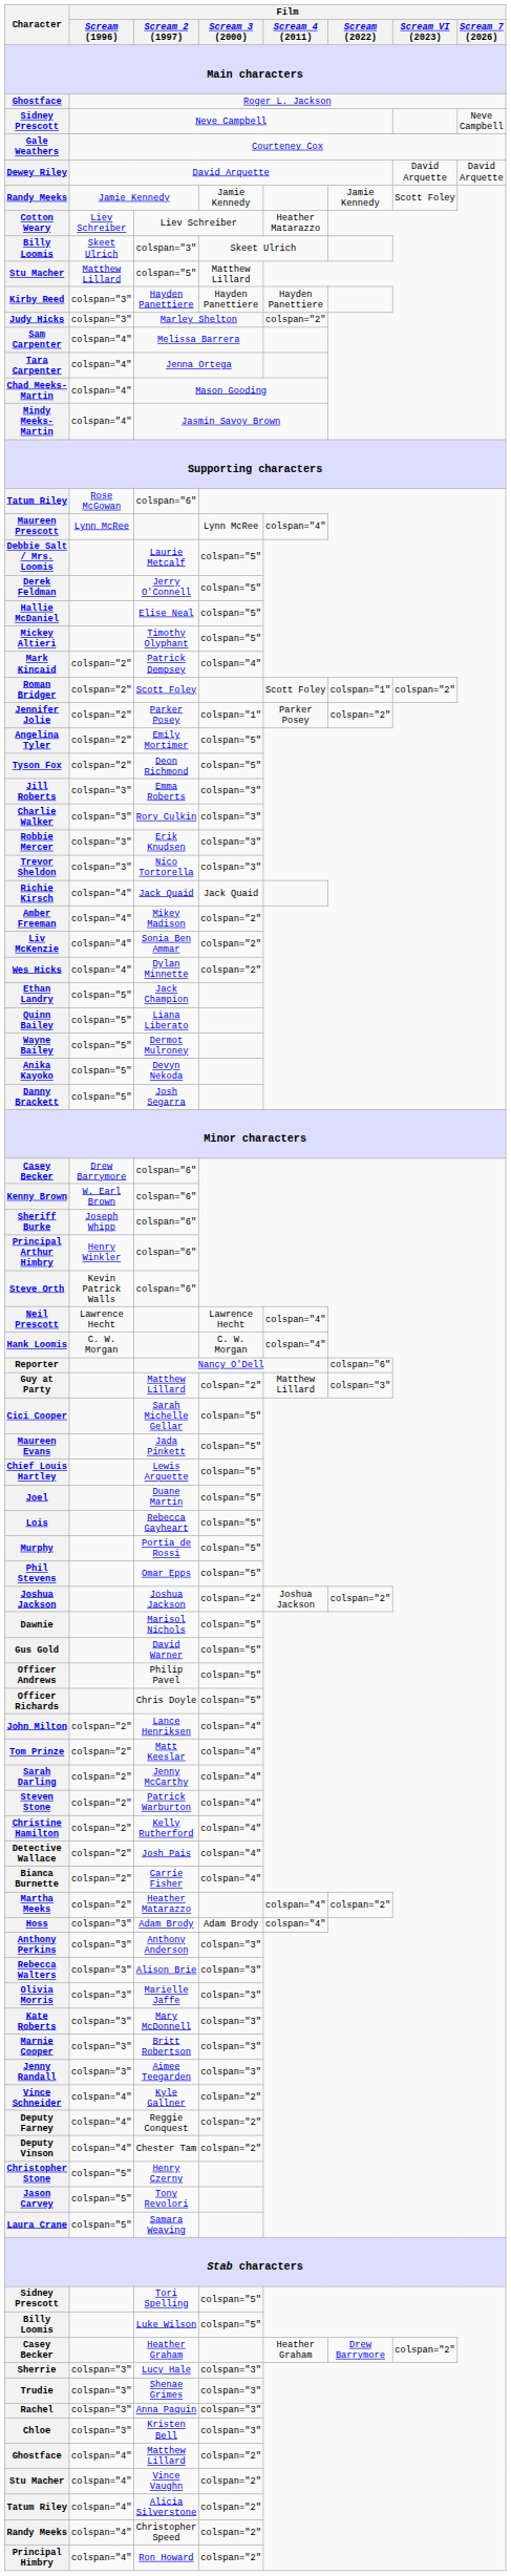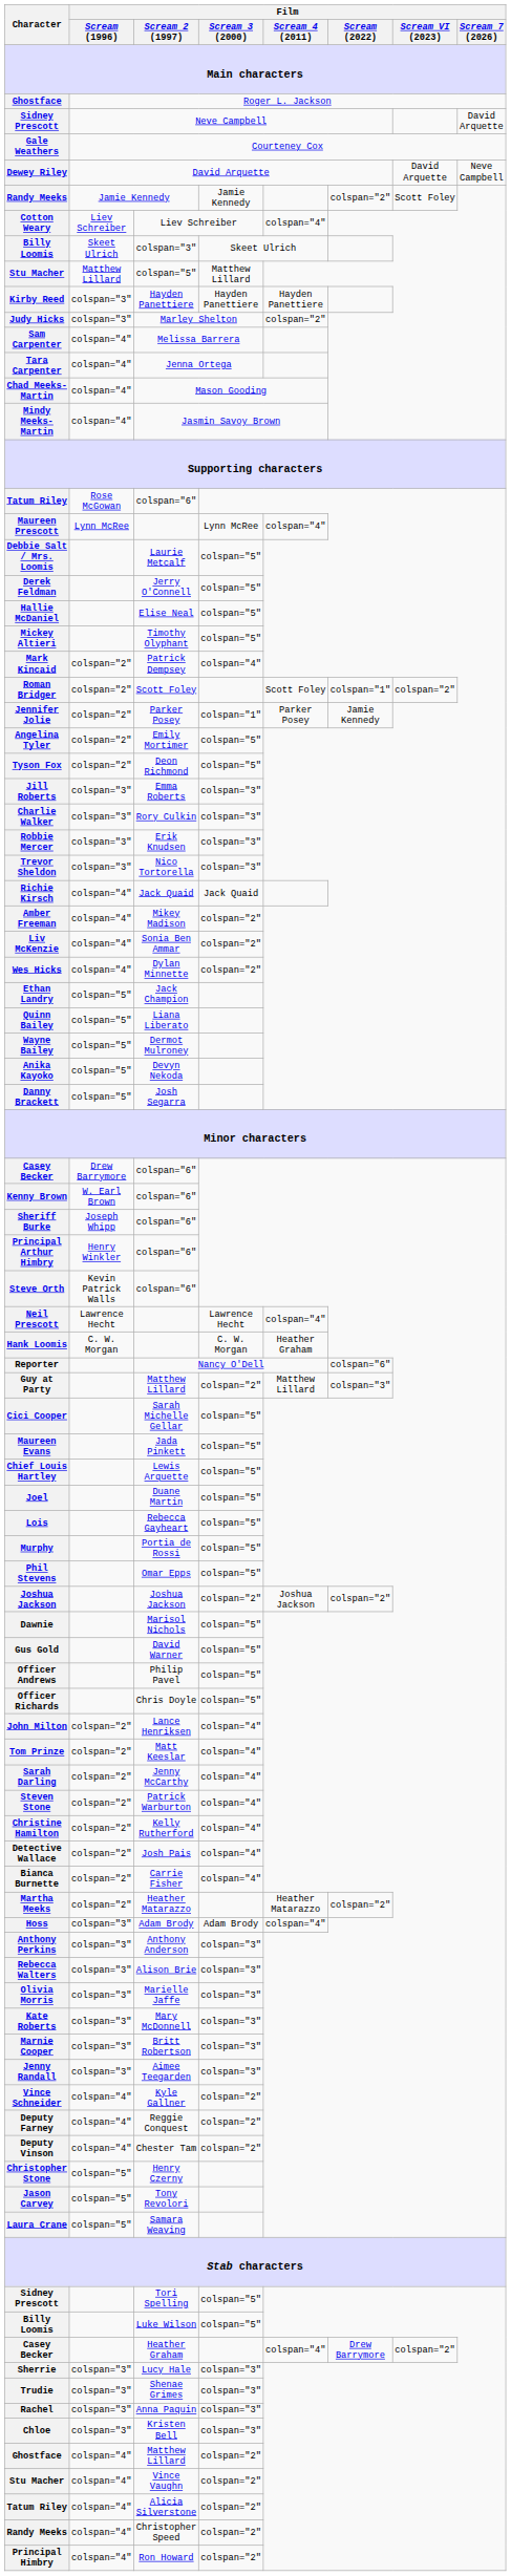 <table class="wikitable" style="text-align:center; width:97%;">
 <tr>
 <th scope="row" rowspan="2">Character</th>
 <th scope="row" colspan="7">Film</th>
 </tr>
 <tr>
 <th scope="row"><em><a href='#'>Scream</a></em><br>(1996)</th>
 <th scope="row"><em><a href='#'>Scream 2</a></em><br>(1997)</th>
 <th scope="row"><em><a href='#'>Scream 3</a></em><br>(2000)</th>
 <th scope="row"><em><a href='#'>Scream 4</a></em><br>(2011)</th>
 <th scope="row"><em><a href='#'>Scream</a></em><br>(2022)</th>
 <th scope="row"><em><a href='#'>Scream VI</a></em><br>(2023)</th>
 <th scope="row"><em><a href='#'>Scream 7</a></em><br>(2026)</th>
 </tr>
 <tr>
 <th scope="row" colspan="8" style="background-color:#ddf;"><br><h3>Main characters</h3></th>
 </tr>
 <tr>
 <th scope="row"><a href='#'>Ghostface</a></th>
 <td colspan="7"><a href='#'>Roger L. Jackson</a></td>
 </tr>
 <tr>
 <th scope="row"><a href='#'>Sidney Prescott</a></th>
 <td colspan="5"><a href='#'>Neve Campbell</a></td>
 <td></td>
-<td>Neve Campbell</td>
+<td>David Arquette</td>
 </tr>
 <tr>
 <th scope="row"><a href='#'>Gale Weathers</a></th>
 <td colspan="7"><a href='#'>Courteney Cox</a></td>
 </tr>
 <tr>
 <th scope="row"><a href='#'>Dewey Riley</a></th>
 <td colspan="5"><a href='#'>David Arquette</a></td>
 <td>David Arquette</td>
-<td>David Arquette</td>
+<td>Neve Campbell</td>
 </tr>
 <tr>
 <th scope="row"><a href='#'>Randy Meeks</a></th>
 <td colspan="2"><a href='#'>Jamie Kennedy</a></td>
 <td>Jamie Kennedy</td>
 <td></td>
-<td>Jamie Kennedy</td>
+<td>colspan="2"  </td>
 <td>Scott Foley</td>
 </tr>
 <tr>
 <th scope="row"><a href='#'>Cotton Weary</a></th>
 <td><a href='#'>Liev Schreiber</a></td>
 <td colspan="2">Liev Schreiber</td>
-<td>Heather Matarazzo</td>
+<td>colspan="4" </td>
 </tr>
 <tr>
 <th scope="row"><a href='#'>Billy Loomis</a></th>
 <td><a href='#'>Skeet Ulrich</a></td>
 <td>colspan="3" </td>
 <td colspan="2">Skeet Ulrich</td>
 <td></td>
 </tr>
 <tr>
 <th scope="row"><a href='#'>Stu Macher</a></th>
 <td><a href='#'>Matthew Lillard</a></td>
 <td>colspan="5" </td>
 <td>Matthew Lillard</td>
 </tr>
 <tr>
 <th scope="row"><a href='#'>Kirby Reed</a></th>
 <td>colspan="3" </td>
 <td><a href='#'>Hayden Panettiere</a></td>
 <td>Hayden Panettiere</td>
 <td>Hayden Panettiere</td>
 <td></td>
 </tr>
 <tr>
 <th scope="row"><a href='#'>Judy Hicks</a></th>
 <td>colspan="3" </td>
 <td colspan="2"><a href='#'>Marley Shelton</a></td>
 <td>colspan="2" </td>
 </tr>
 <tr>
 <th scope="row"><a href='#'>Sam Carpenter</a></th>
 <td>colspan="4" </td>
 <td colspan="2"><a href='#'>Melissa Barrera</a></td>
 <td></td>
 </tr>
 <tr>
 <th scope="row"><a href='#'>Tara Carpenter</a></th>
 <td>colspan="4" </td>
 <td colspan="2"><a href='#'>Jenna Ortega</a></td>
 <td></td>
 </tr>
 <tr>
 <th scope="row"><a href='#'>Chad Meeks-Martin</a></th>
 <td>colspan="4" </td>
 <td colspan="3"><a href='#'>Mason Gooding</a></td>
 </tr>
 <tr>
 <th scope="row"><a href='#'>Mindy Meeks-Martin</a></th>
 <td>colspan="4" </td>
 <td colspan="3"><a href='#'>Jasmin Savoy Brown</a></td>
 </tr>
 <tr>
 <th scope="row" colspan="8" style="background-color:#ddf;"><br><h3>Supporting characters</h3></th>
 </tr>
 <tr>
 <th scope="row"><a href='#'>Tatum Riley</a></th>
 <td><a href='#'>Rose McGowan</a></td>
 <td>colspan="6" </td>
 </tr>
 <tr>
 <th scope="row"><a href='#'>Maureen Prescott</a></th>
 <td><a href='#'>Lynn McRee</a></td>
 <td></td>
 <td>Lynn McRee</td>
 <td>colspan="4" </td>
 </tr>
 <tr>
 <th scope="row"><a href='#'>Debbie Salt / Mrs. Loomis</a></th>
 <td></td>
 <td><a href='#'>Laurie Metcalf</a></td>
 <td>colspan="5" </td>
 </tr>
 <tr>
 <th scope="row"><a href='#'>Derek Feldman</a></th>
 <td></td>
 <td><a href='#'>Jerry O'Connell</a></td>
 <td>colspan="5" </td>
 </tr>
 <tr>
 <th scope="row"><a href='#'>Hallie McDaniel</a></th>
 <td></td>
 <td><a href='#'>Elise Neal</a></td>
 <td>colspan="5" </td>
 </tr>
 <tr>
 <th scope="row"><a href='#'>Mickey Altieri</a></th>
 <td></td>
 <td><a href='#'>Timothy Olyphant</a></td>
 <td>colspan="5" </td>
 </tr>
 <tr>
 <th scope="row"><a href='#'>Mark Kincaid</a></th>
 <td>colspan="2" </td>
 <td><a href='#'>Patrick Dempsey</a></td>
 <td>colspan="4" </td>
 </tr>
 <tr>
 <th scope="row"><a href='#'>Roman Bridger</a></th>
 <td>colspan="2"  </td>
 <td><a href='#'>Scott Foley</a></td>
 <td></td>
 <td>Scott Foley</td>
 <td>colspan="1" </td>
 <td>colspan="2" </td>
 </tr>
 <tr>
 <th scope="row"><a href='#'>Jennifer Jolie</a></th>
 <td>colspan="2"  </td>
 <td><a href='#'>Parker Posey</a></td>
 <td>colspan="1"  </td>
 <td>Parker Posey</td>
-<td>colspan="2"  </td>
+<td>Jamie Kennedy</td>
 </tr>
 <tr>
 <th scope="row"><a href='#'>Angelina Tyler</a></th>
 <td>colspan="2" </td>
 <td><a href='#'>Emily Mortimer</a></td>
 <td>colspan="5" </td>
 </tr>
 <tr>
 <th scope="row"><a href='#'>Tyson Fox</a></th>
 <td>colspan="2" </td>
 <td><a href='#'>Deon Richmond</a></td>
 <td>colspan="5" </td>
 </tr>
 <tr>
 <th scope="row"><a href='#'>Jill Roberts</a></th>
 <td>colspan="3" </td>
 <td><a href='#'>Emma Roberts</a></td>
 <td>colspan="3" </td>
 </tr>
 <tr>
 <th scope="row"><a href='#'>Charlie Walker</a></th>
 <td>colspan="3" </td>
 <td><a href='#'>Rory Culkin</a></td>
 <td>colspan="3" </td>
 </tr>
 <tr>
 <th scope="row"><a href='#'>Robbie Mercer</a></th>
 <td>colspan="3" </td>
 <td><a href='#'>Erik Knudsen</a></td>
 <td>colspan="3" </td>
 </tr>
 <tr>
 <th scope="row"><a href='#'>Trevor Sheldon</a></th>
 <td>colspan="3" </td>
 <td><a href='#'>Nico Tortorella</a></td>
 <td>colspan="3" </td>
 </tr>
 <tr>
 <th scope="row"><a href='#'>Richie Kirsch</a></th>
 <td>colspan="4" </td>
 <td><a href='#'>Jack Quaid</a></td>
 <td>Jack Quaid</td>
 <td></td>
 </tr>
 <tr>
 <th scope="row"><a href='#'>Amber Freeman</a></th>
 <td>colspan="4" </td>
 <td><a href='#'>Mikey Madison</a></td>
 <td>colspan="2" </td>
 </tr>
 <tr>
 <th scope="row"><a href='#'>Liv McKenzie</a></th>
 <td>colspan="4" </td>
 <td><a href='#'>Sonia Ben Ammar</a></td>
 <td>colspan="2" </td>
 </tr>
 <tr>
 <th scope="row"><a href='#'>Wes Hicks</a></th>
 <td>colspan="4" </td>
 <td><a href='#'>Dylan Minnette</a></td>
 <td>colspan="2" </td>
 </tr>
 <tr>
 <th scope="row"><a href='#'>Ethan Landry</a></th>
 <td>colspan="5" </td>
 <td><a href='#'>Jack Champion</a></td>
 <td></td>
 </tr>
 <tr>
 <th scope="row"><a href='#'>Quinn Bailey</a></th>
 <td>colspan="5" </td>
 <td><a href='#'>Liana Liberato</a></td>
 <td></td>
 </tr>
 <tr>
 <th scope="row"><a href='#'>Wayne Bailey</a></th>
 <td>colspan="5" </td>
 <td><a href='#'>Dermot Mulroney</a></td>
 <td></td>
 </tr>
 <tr>
 <th scope="row"><a href='#'>Anika Kayoko</a></th>
 <td>colspan="5" </td>
 <td><a href='#'>Devyn Nekoda</a></td>
 <td></td>
 </tr>
 <tr>
 <th scope="row"><a href='#'>Danny Brackett</a></th>
 <td>colspan="5" </td>
 <td><a href='#'>Josh Segarra</a></td>
 <td></td>
 </tr>
 <tr>
 <th scope="row" colspan="8" style="background-color:#ddf;"><br><h3>Minor characters</h3></th>
 </tr>
 <tr>
 <th scope="row"><a href='#'>Casey Becker</a></th>
 <td><a href='#'>Drew Barrymore</a></td>
 <td>colspan="6" </td>
 </tr>
 <tr>
 <th scope="row"><a href='#'>Kenny Brown</a></th>
 <td><a href='#'>W. Earl Brown</a></td>
 <td>colspan="6" </td>
 </tr>
 <tr>
 <th scope="row"><a href='#'>Sheriff Burke</a></th>
 <td><a href='#'>Joseph Whipp</a></td>
 <td>colspan="6" </td>
 </tr>
 <tr>
 <th scope="row"><a href='#'>Principal Arthur Himbry</a></th>
 <td><a href='#'>Henry Winkler</a></td>
 <td>colspan="6" </td>
 </tr>
 <tr>
 <th scope="row"><a href='#'>Steve Orth</a></th>
 <td>Kevin Patrick Walls</td>
 <td>colspan="6" </td>
 </tr>
 <tr>
 <th scope="row"><a href='#'>Neil Prescott</a></th>
 <td>Lawrence Hecht</td>
 <td></td>
 <td>Lawrence Hecht</td>
 <td>colspan="4" </td>
 </tr>
 <tr>
 <th scope="row"><a href='#'>Hank Loomis</a></th>
 <td>C. W. Morgan</td>
 <td></td>
 <td>C. W. Morgan</td>
-<td>colspan="4" </td>
+<td>Heather Graham</td>
 </tr>
 <tr>
 <th scope="row">Reporter</th>
 <td></td>
 <td colspan="3"><a href='#'>Nancy O'Dell</a></td>
 <td>colspan="6" </td>
 </tr>
 <tr>
 <th scope="row">Guy at Party</th>
 <td></td>
 <td><a href='#'>Matthew Lillard</a></td>
 <td>colspan="2" </td>
 <td>Matthew Lillard</td>
 <td>colspan="3"  </td>
 </tr>
 <tr>
 <th scope="row"><a href='#'>Cici Cooper</a></th>
 <td></td>
 <td><a href='#'>Sarah Michelle Gellar</a></td>
 <td>colspan="5" </td>
 </tr>
 <tr>
 <th scope="row"><a href='#'>Maureen Evans</a></th>
 <td></td>
 <td><a href='#'>Jada Pinkett</a></td>
 <td>colspan="5" </td>
 </tr>
 <tr>
 <th scope="row"><a href='#'>Chief Louis Hartley</a></th>
 <td></td>
 <td><a href='#'>Lewis Arquette</a></td>
 <td>colspan="5" </td>
 </tr>
 <tr>
 <th scope="row"><a href='#'>Joel</a></th>
 <td></td>
 <td><a href='#'>Duane Martin</a></td>
 <td>colspan="5" </td>
 </tr>
 <tr>
 <th scope="row"><a href='#'>Lois</a></th>
 <td></td>
 <td><a href='#'>Rebecca Gayheart</a></td>
 <td>colspan="5" </td>
 </tr>
 <tr>
 <th scope="row"><a href='#'>Murphy</a></th>
 <td></td>
 <td><a href='#'>Portia de Rossi</a></td>
 <td>colspan="5" </td>
 </tr>
 <tr>
 <th scope="row"><a href='#'>Phil Stevens</a></th>
 <td></td>
 <td><a href='#'>Omar Epps</a></td>
 <td>colspan="5" </td>
 </tr>
 <tr>
 <th scope="row"><a href='#'>Joshua Jackson</a></th>
 <td></td>
 <td><a href='#'>Joshua Jackson</a></td>
 <td>colspan="2" </td>
 <td>Joshua Jackson</td>
 <td>colspan="2" </td>
 </tr>
 <tr>
 <th scope="row">Dawnie</th>
 <td></td>
 <td><a href='#'>Marisol Nichols</a></td>
 <td>colspan="5" </td>
 </tr>
 <tr>
 <th scope="row">Gus Gold</th>
 <td></td>
 <td><a href='#'>David Warner</a></td>
 <td>colspan="5" </td>
 </tr>
 <tr>
 <th scope="row">Officer Andrews</th>
 <td></td>
 <td>Philip Pavel</td>
 <td>colspan="5" </td>
 </tr>
 <tr>
 <th scope="row">Officer Richards</th>
 <td></td>
 <td>Chris Doyle</td>
 <td>colspan="5" </td>
 </tr>
 <tr>
 <th scope="row"><a href='#'>John Milton</a></th>
 <td>colspan="2" </td>
 <td><a href='#'>Lance Henriksen</a></td>
 <td>colspan="4" </td>
 </tr>
 <tr>
 <th scope="row"><a href='#'>Tom Prinze</a></th>
 <td>colspan="2" </td>
 <td><a href='#'>Matt Keeslar</a></td>
 <td>colspan="4" </td>
 </tr>
 <tr>
 <th scope="row"><a href='#'>Sarah Darling</a></th>
 <td>colspan="2" </td>
 <td><a href='#'>Jenny McCarthy</a></td>
 <td>colspan="4" </td>
 </tr>
 <tr>
 <th scope="row"><a href='#'>Steven Stone</a></th>
 <td>colspan="2" </td>
 <td><a href='#'>Patrick Warburton</a></td>
 <td>colspan="4" </td>
 </tr>
 <tr>
 <th scope="row"><a href='#'>Christine Hamilton</a></th>
 <td>colspan="2" </td>
 <td><a href='#'>Kelly Rutherford</a></td>
 <td>colspan="4" </td>
 </tr>
 <tr>
 <th scope="row">Detective Wallace</th>
 <td>colspan="2" </td>
 <td><a href='#'>Josh Pais</a></td>
 <td>colspan="4" </td>
 </tr>
 <tr>
 <th scope="row">Bianca Burnette</th>
 <td>colspan="2" </td>
 <td><a href='#'>Carrie Fisher</a></td>
 <td>colspan="4" </td>
 </tr>
 <tr>
 <th scope="row"><a href='#'>Martha Meeks</a></th>
 <td>colspan="2" </td>
 <td><a href='#'>Heather Matarazzo</a></td>
 <td></td>
-<td>colspan="4" </td>
+<td>Heather Matarazzo</td>
 <td>colspan="2" </td>
 </tr>
 <tr>
 <th scope="row"><a href='#'>Hoss</a></th>
 <td>colspan="3" </td>
 <td><a href='#'>Adam Brody</a></td>
 <td>Adam Brody</td>
 <td>colspan="4" </td>
 </tr>
 <tr>
 <th scope="row"><a href='#'>Anthony Perkins</a></th>
 <td>colspan="3" </td>
 <td><a href='#'>Anthony Anderson</a></td>
 <td>colspan="3" </td>
 </tr>
 <tr>
 <th scope="row"><a href='#'>Rebecca Walters</a></th>
 <td>colspan="3" </td>
 <td><a href='#'>Alison Brie</a></td>
 <td>colspan="3"  </td>
 </tr>
 <tr>
 <th scope="row"><a href='#'>Olivia Morris</a></th>
 <td>colspan="3" </td>
 <td><a href='#'>Marielle Jaffe</a></td>
 <td>colspan="3"  </td>
 </tr>
 <tr>
 <th scope="row"><a href='#'>Kate Roberts</a></th>
 <td>colspan="3" </td>
 <td><a href='#'>Mary McDonnell</a></td>
 <td>colspan="3" </td>
 </tr>
 <tr>
 <th scope="row"><a href='#'>Marnie Cooper</a></th>
 <td>colspan="3" </td>
 <td><a href='#'>Britt Robertson</a></td>
 <td>colspan="3" </td>
 </tr>
 <tr>
 <th scope="row"><a href='#'>Jenny Randall</a></th>
 <td>colspan="3" </td>
 <td><a href='#'>Aimee Teegarden</a></td>
 <td>colspan="3" </td>
 </tr>
 <tr>
 <th scope="row"><a href='#'>Vince Schneider</a></th>
 <td>colspan="4" </td>
 <td><a href='#'>Kyle Gallner</a></td>
 <td>colspan="2" </td>
 </tr>
 <tr>
 <th scope="row">Deputy Farney</th>
 <td>colspan="4" </td>
 <td>Reggie Conquest</td>
 <td>colspan="2" </td>
 </tr>
 <tr>
 <th scope="row">Deputy Vinson</th>
 <td>colspan="4" </td>
 <td>Chester Tam</td>
 <td>colspan="2" </td>
 </tr>
 <tr>
 <th scope="row"><a href='#'>Christopher Stone</a></th>
 <td>colspan="5" </td>
 <td><a href='#'>Henry Czerny</a></td>
 <td></td>
 </tr>
 <tr>
 <th scope="row"><a href='#'>Jason Carvey</a></th>
 <td>colspan="5" </td>
 <td><a href='#'>Tony Revolori</a></td>
 <td></td>
 </tr>
 <tr>
 <th scope="row"><a href='#'>Laura Crane</a></th>
 <td>colspan="5" </td>
 <td><a href='#'>Samara Weaving</a></td>
 <td></td>
 </tr>
 <tr>
 <th scope="row" colspan="8" style="background-color:#ddf;"><br><h3><em>Stab</em> characters</h3></th>
 </tr>
 <tr>
 <th scope="row">Sidney Prescott</th>
 <td></td>
 <td><a href='#'>Tori Spelling</a></td>
 <td>colspan="5" </td>
 </tr>
 <tr>
 <th scope="row">Billy Loomis</th>
 <td></td>
 <td><a href='#'>Luke Wilson</a></td>
 <td>colspan="5" </td>
 </tr>
 <tr>
 <th scope="row">Casey Becker</th>
 <td></td>
 <td><a href='#'>Heather Graham</a></td>
 <td></td>
-<td>Heather Graham</td>
+<td>colspan="4" </td>
 <td><a href='#'>Drew Barrymore</a></td>
 <td>colspan="2" </td>
 </tr>
 <tr>
 <th scope="row">Sherrie</th>
 <td>colspan="3" </td>
 <td><a href='#'>Lucy Hale</a></td>
 <td>colspan="3" </td>
 </tr>
 <tr>
 <th scope="row">Trudie</th>
 <td>colspan="3" </td>
 <td><a href='#'>Shenae Grimes</a></td>
 <td>colspan="3" </td>
 </tr>
 <tr>
 <th scope="row">Rachel</th>
 <td>colspan="3" </td>
 <td><a href='#'>Anna Paquin</a></td>
 <td>colspan="3" </td>
 </tr>
 <tr>
 <th scope="row">Chloe</th>
 <td>colspan="3" </td>
 <td><a href='#'>Kristen Bell</a></td>
 <td>colspan="3" </td>
 </tr>
 <tr>
 <th scope="row">Ghostface</th>
 <td>colspan="4" </td>
 <td><a href='#'>Matthew Lillard</a></td>
 <td>colspan="2" </td>
 </tr>
 <tr>
 <th scope="row">Stu Macher</th>
 <td>colspan="4" </td>
 <td><a href='#'>Vince Vaughn</a></td>
 <td>colspan="2" </td>
 </tr>
 <tr>
 <th scope="row">Tatum Riley</th>
 <td>colspan="4" </td>
 <td><a href='#'>Alicia Silverstone</a></td>
 <td>colspan="2" </td>
 </tr>
 <tr>
 <th scope="row">Randy Meeks</th>
 <td>colspan="4" </td>
 <td>Christopher Speed</td>
 <td>colspan="2" </td>
 </tr>
 <tr>
 <th scope="row">Principal Himbry</th>
 <td>colspan="4" </td>
 <td><a href='#'>Ron Howard</a></td>
 <td>colspan="2" </td>
 </tr>
 </table>
